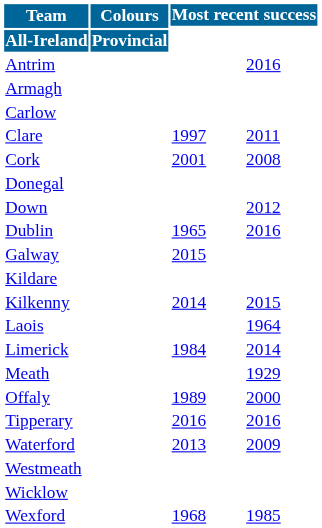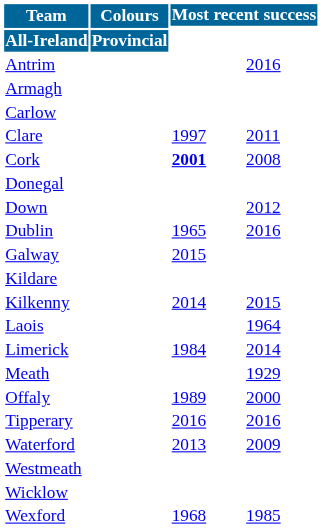 <table cellpadding="1" 1px #aaa 90%;">
 <tr style="background:#069; color:white;">
 <th rowspan="2">Team</th>
 <th rowspan="2">Colours</th>
 <th colspan="2">Most recent success</th>
 </tr>
 <tr>
 </tr>
 <tr style="background:#069; color:white;">
 <th>All-Ireland</th>
 <th>Provincial</th>
 </tr>
 <tr>
 <td><a href='#'>Antrim</a></td>
 <td></td>
 <td></td>
 <td><a href='#'>2016</a></td>
 </tr>
 <tr>
 <td><a href='#'>Armagh</a></td>
 <td></td>
 <td></td>
 <td></td>
 </tr>
 <tr>
 <td><a href='#'>Carlow</a></td>
 <td></td>
 <td></td>
 <td></td>
 </tr>
 <tr>
 <td><a href='#'>Clare</a></td>
 <td></td>
 <td><a href='#'>1997</a></td>
 <td><a href='#'>2011</a></td>
 </tr>
 <tr>
 <td><a href='#'>Cork</a></td>
 <td></td>
-<td><a href='#'>2001</a></td>
+<td><strong><a href='#'>2001</a></strong></td>
 <td><a href='#'>2008</a></td>
 </tr>
 <tr>
 <td><a href='#'>Donegal</a></td>
 <td></td>
 <td></td>
 <td></td>
 </tr>
 <tr>
 <td><a href='#'>Down</a></td>
 <td></td>
 <td></td>
 <td><a href='#'>2012</a></td>
 </tr>
 <tr>
 <td><a href='#'>Dublin</a></td>
 <td></td>
 <td><a href='#'>1965</a></td>
 <td><a href='#'>2016</a></td>
 </tr>
 <tr>
 <td><a href='#'>Galway</a></td>
 <td></td>
 <td><a href='#'>2015</a></td>
 <td></td>
 </tr>
 <tr>
 <td><a href='#'>Kildare</a></td>
 <td></td>
 <td></td>
 <td></td>
 </tr>
 <tr>
 <td><a href='#'>Kilkenny</a></td>
 <td></td>
 <td><a href='#'>2014</a></td>
 <td><a href='#'>2015</a></td>
 </tr>
 <tr>
 <td><a href='#'>Laois</a></td>
 <td></td>
 <td></td>
 <td><a href='#'>1964</a></td>
 </tr>
 <tr>
 <td><a href='#'>Limerick</a></td>
 <td></td>
 <td><a href='#'>1984</a></td>
 <td><a href='#'>2014</a></td>
 </tr>
 <tr>
 <td><a href='#'>Meath</a></td>
 <td></td>
 <td></td>
 <td><a href='#'>1929</a></td>
 </tr>
 <tr>
 <td><a href='#'>Offaly</a></td>
 <td></td>
 <td><a href='#'>1989</a></td>
 <td><a href='#'>2000</a></td>
 </tr>
 <tr>
 <td><a href='#'>Tipperary</a></td>
 <td></td>
 <td><a href='#'>2016</a></td>
 <td><a href='#'>2016</a></td>
 </tr>
 <tr>
 <td><a href='#'>Waterford</a></td>
 <td></td>
 <td><a href='#'>2013</a></td>
 <td><a href='#'>2009</a></td>
 </tr>
 <tr>
 <td><a href='#'>Westmeath</a></td>
 <td></td>
 <td></td>
 <td></td>
 </tr>
 <tr>
 <td><a href='#'>Wicklow</a></td>
 <td></td>
 <td></td>
 <td></td>
 </tr>
 <tr>
 <td><a href='#'>Wexford</a></td>
 <td></td>
 <td><a href='#'>1968</a></td>
 <td><a href='#'>1985</a></td>
 </tr>
 </table>
